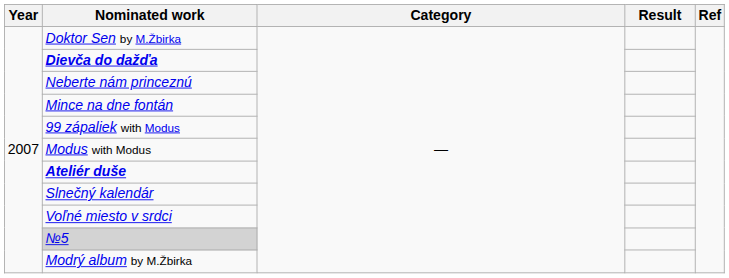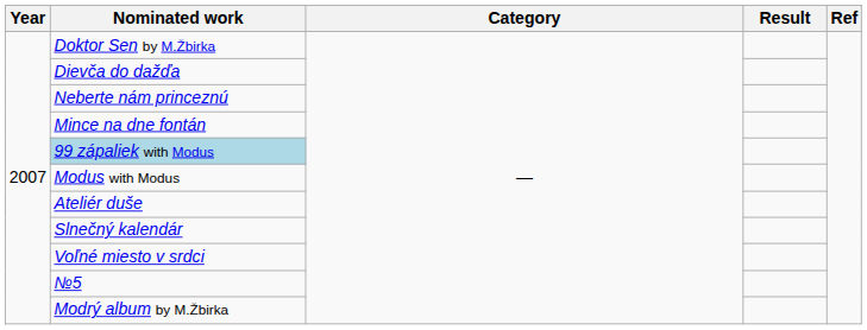 <table class="wikitable">
 <tr>
 <th style="width:10px;">Year</th>
 <th style="width:237px;">Nominated work</th>
 <th style="width:410px;">Category</th>
 <th style="width:73px;">Result</th>
 <th>Ref</th>
 </tr>
 <tr>
 <td rowspan=11>2007</td>
 <td><em><a href='#'>Doktor Sen</a></em> <small>by <a href='#'>M.Žbirka</a></small></td>
 <td rowspan=11 align=center>—</td>
 <td></td>
 <td rowspan=11><br></td>
 </tr>
 <tr>
-<td><strong><em><a href='#'>Dievča do dažďa</a></em></strong></td>
+<td><em><a href='#'>Dievča do dažďa</a></em></td>
 <td></td>
 </tr>
 <tr>
 <td><em><a href='#'>Neberte nám princeznú</a></em></td>
 <td></td>
 </tr>
 <tr>
 <td><em><a href='#'>Mince na dne fontán</a></em></td>
 <td></td>
 </tr>
 <tr>
-<td><em><a href='#'>99 zápaliek</a></em> <small>with <a href='#'>Modus</a></small></td>
+<td style="background: lightblue;"><em><a href='#'>99 zápaliek</a></em> <small>with <a href='#'>Modus</a></small></td>
 <td></td>
 </tr>
 <tr>
 <td><em><a href='#'>Modus</a></em> <small>with Modus</small></td>
 <td></td>
 </tr>
 <tr>
-<td><strong><em><a href='#'>Ateliér duše</a></em></strong></td>
+<td><em><a href='#'>Ateliér duše</a></em></td>
 <td></td>
 </tr>
 <tr>
 <td><em><a href='#'>Slnečný kalendár</a></em></td>
 <td></td>
 </tr>
 <tr>
 <td><em><a href='#'>Voľné miesto v srdci</a></em></td>
 <td></td>
 </tr>
 <tr>
-<td style="background: lightgrey;"><em><a href='#'>№5</a></em></td>
+<td><em><a href='#'>№5</a></em></td>
 <td></td>
 </tr>
 <tr>
 <td><em><a href='#'>Modrý album</a></em> <small>by M.Žbirka</small></td>
 <td></td>
 </tr>
 </table>
